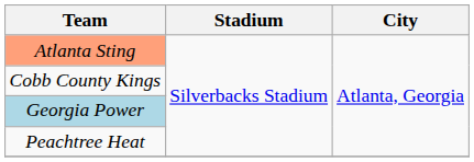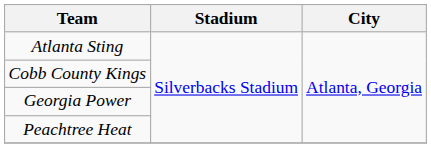 <table class="wikitable" style="text-align:center">
 <tr>
 <th>Team</th>
 <th>Stadium</th>
 <th>City</th>
 </tr>
 <tr>
-<td style="background: lightsalmon;"><em>Atlanta Sting</em></td>
+<td><em>Atlanta Sting</em></td>
 <td rowspan="4" style="text-align:center"><a href='#'>Silverbacks Stadium</a></td>
 <td rowspan="4" style="text-align:center"><a href='#'>Atlanta, Georgia</a></td>
 </tr>
 <tr>
 <td><em>Cobb County Kings</em></td>
 </tr>
 <tr>
-<td style="background: lightblue;"><em>Georgia Power</em></td>
+<td><em>Georgia Power</em></td>
 </tr>
 <tr>
 <td><em>Peachtree Heat</em></td>
 </tr>
 <tr>
 </tr>
 </table>
